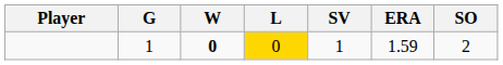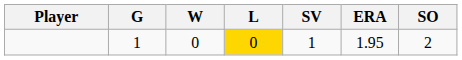 <table class="wikitable sortable">
 <tr>
 <th bgcolor="#DDDDFF" width="16%">Player</th>
 <th bgcolor="#DDDDFF" width="9%">G</th>
 <th bgcolor="#DDDDFF" width="9%">W</th>
 <th bgcolor="#DDDDFF" width="9%">L</th>
 <th bgcolor="#DDDDFF" width="9%">SV</th>
 <th bgcolor="#DDDDFF" width="9%">ERA</th>
 <th bgcolor="#DDDDFF" width="9%">SO</th>
 </tr>
 <tr align="center">
 <td></td>
 <td>1</td>
-<td><strong>0</strong></td>
+<td>0</td>
 <td style="background: gold;">0</td>
 <td>1</td>
-<td>1.59</td>
+<td>1.95</td>
 <td>2</td>
 </tr>
 </table>
